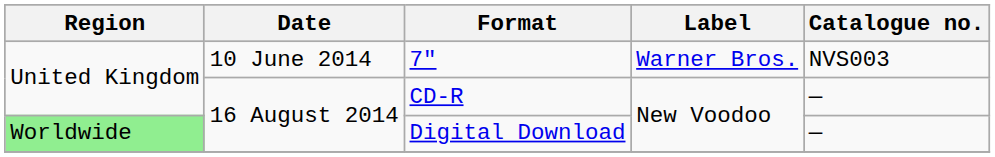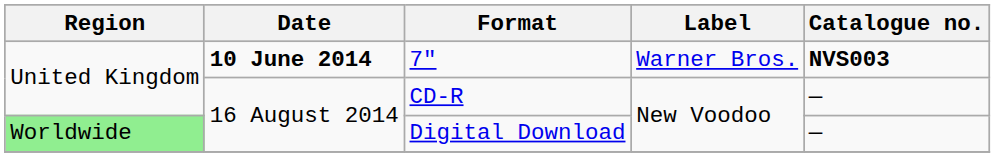 <table class=wikitable>
 <tr>
 <th>Region</th>
 <th>Date</th>
 <th>Format</th>
 <th>Label</th>
 <th>Catalogue no.</th>
 </tr>
 <tr>
 <td rowspan="2">United Kingdom</td>
-<td>10 June 2014</td>
+<td><strong>10 June 2014</strong></td>
 <td><a href='#'>7"</a></td>
 <td><a href='#'>Warner Bros.</a></td>
-<td>NVS003</td>
+<td><strong>NVS003</strong></td>
 </tr>
 <tr>
 <td rowspan="2">16 August 2014</td>
 <td><a href='#'>CD-R</a></td>
 <td rowspan="2">New Voodoo</td>
 <td>—</td>
 </tr>
 <tr>
 <td style="background: lightgreen;">Worldwide</td>
 <td><a href='#'>Digital Download</a></td>
 <td>—</td>
 </tr>
 <tr>
 </tr>
 </table>
